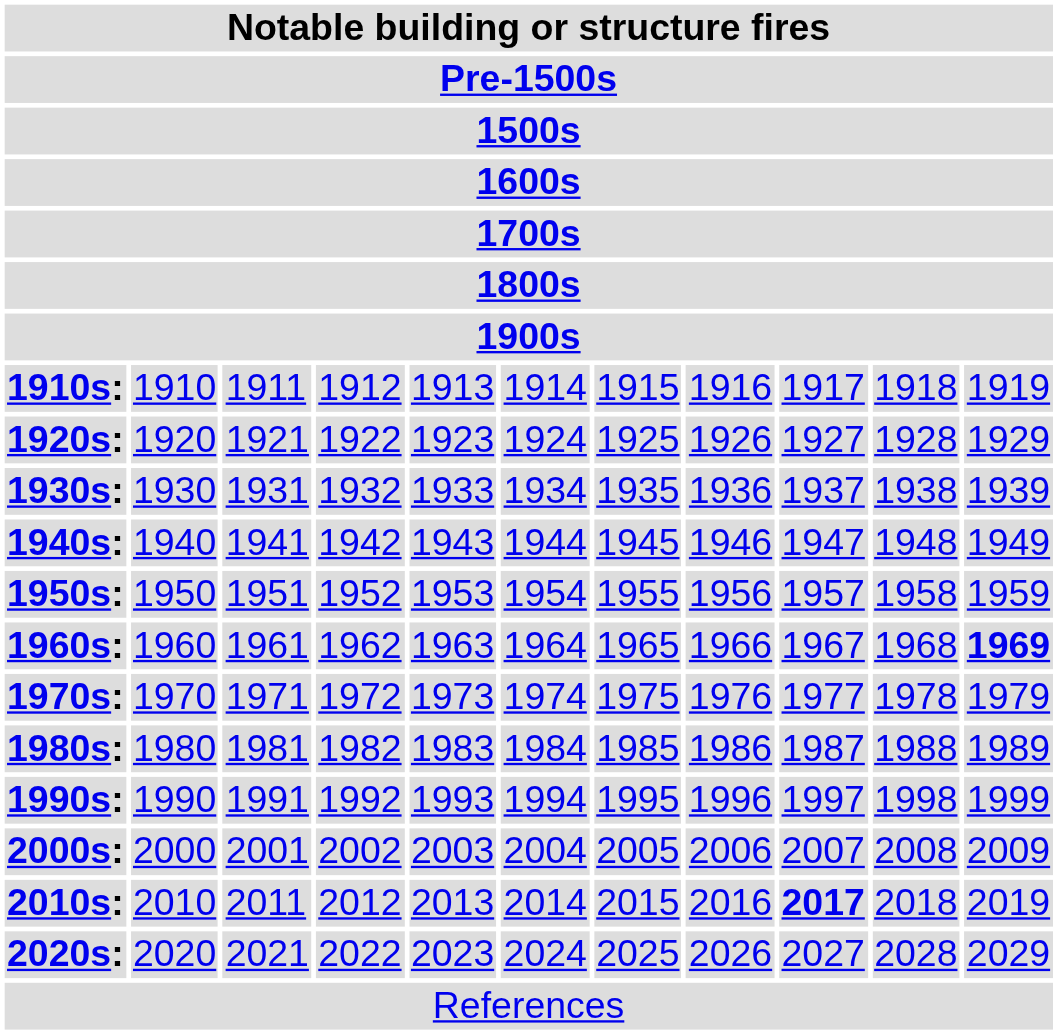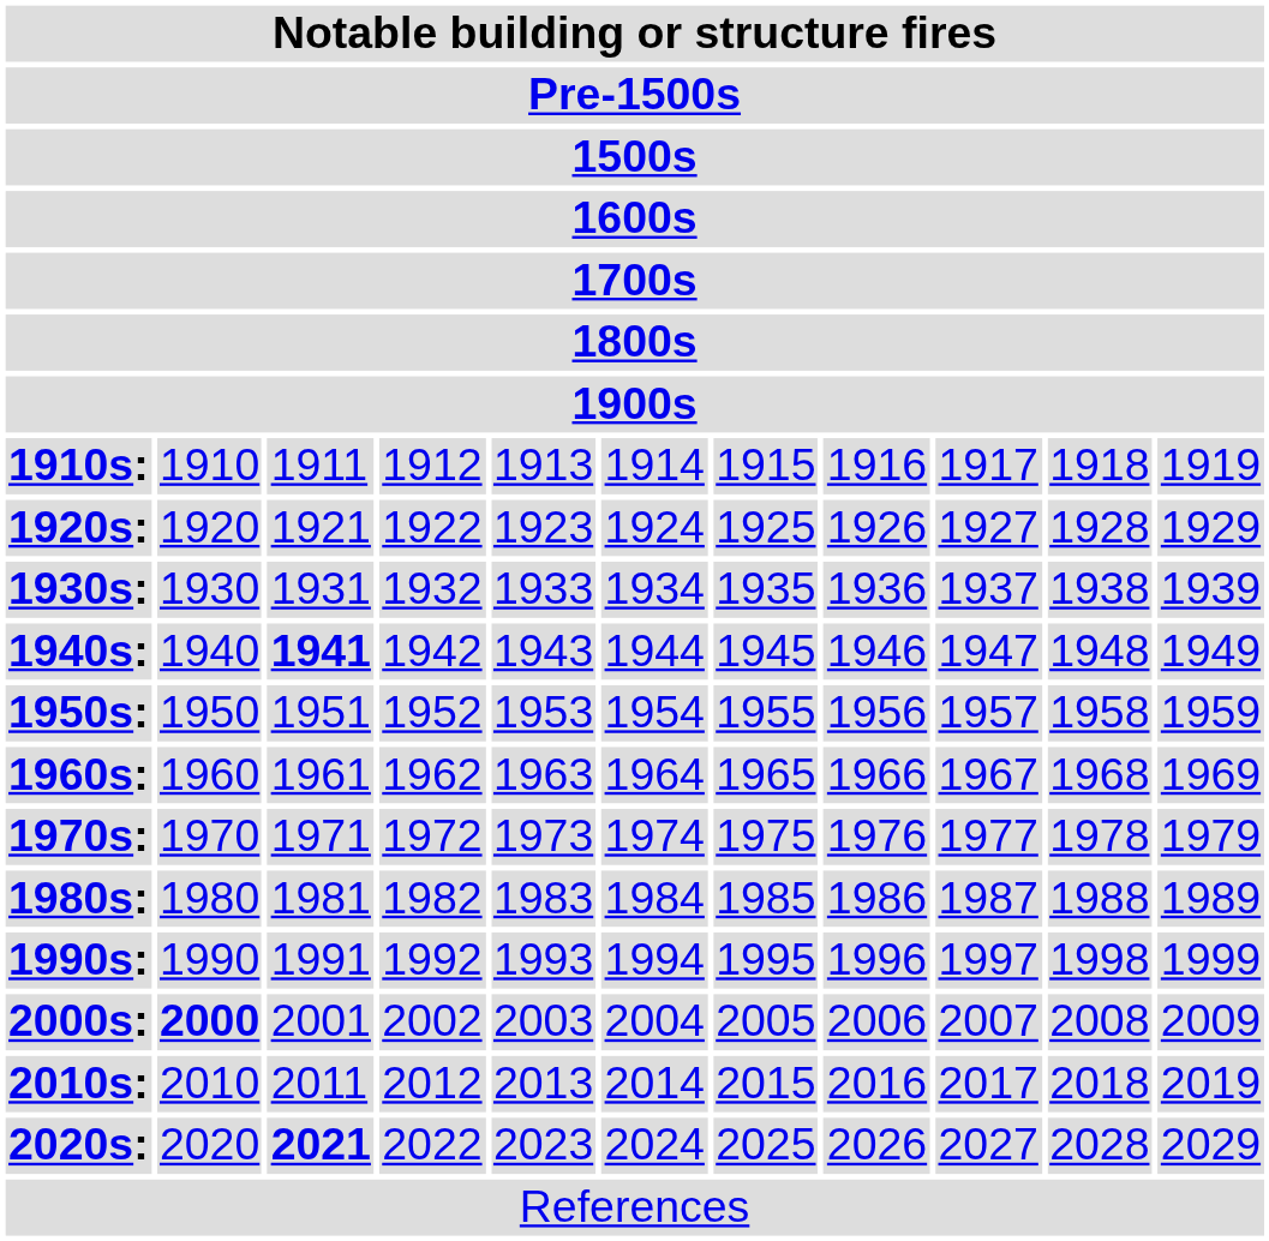 <table>
 <tr>
 <th style="background:#ddd; text-align:center;" colspan="11">Notable building or structure fires</th>
 </tr>
 <tr>
 <th style="background:#ddd; text-align:center;" colspan="11"><a href='#'>Pre-1500s</a></th>
 </tr>
 <tr>
 <th style="background:#ddd; text-align:center;" colspan="11"><a href='#'>1500s</a></th>
 </tr>
 <tr>
 <th style="background:#ddd; text-align:center;" colspan="11"><a href='#'>1600s</a></th>
 </tr>
 <tr>
 <th style="background:#ddd; text-align:center;" colspan="11"><a href='#'>1700s</a></th>
 </tr>
 <tr>
 <th style="background:#ddd; text-align:center;" colspan="11"><a href='#'>1800s</a></th>
 </tr>
 <tr>
 <th style="background:#ddd; text-align:center;" colspan="11"><a href='#'>1900s</a></th>
 </tr>
 <tr>
 <th style="background:#ddd; text-align:right;"><a href='#'>1910s</a>:</th>
 <td style="background:#ddd;"><a href='#'>1910</a></td>
 <td style="background:#ddd;"><a href='#'>1911</a></td>
 <td style="background:#ddd;"><a href='#'>1912</a></td>
 <td style="background:#ddd;"><a href='#'>1913</a></td>
 <td style="background:#ddd;"><a href='#'>1914</a></td>
 <td style="background:#ddd;"><a href='#'>1915</a></td>
 <td style="background:#ddd;"><a href='#'>1916</a></td>
 <td style="background:#ddd;"><a href='#'>1917</a></td>
 <td style="background:#ddd;"><a href='#'>1918</a></td>
 <td style="background:#ddd;"><a href='#'>1919</a></td>
 </tr>
 <tr>
 <th style="background:#ddd; text-align:right;"><a href='#'>1920s</a>:</th>
 <td style="background:#ddd;"><a href='#'>1920</a></td>
 <td style="background:#ddd;"><a href='#'>1921</a></td>
 <td style="background:#ddd;"><a href='#'>1922</a></td>
 <td style="background:#ddd;"><a href='#'>1923</a></td>
 <td style="background:#ddd;"><a href='#'>1924</a></td>
 <td style="background:#ddd;"><a href='#'>1925</a></td>
 <td style="background:#ddd;"><a href='#'>1926</a></td>
 <td style="background:#ddd;"><a href='#'>1927</a></td>
 <td style="background:#ddd;"><a href='#'>1928</a></td>
 <td style="background:#ddd;"><a href='#'>1929</a></td>
 </tr>
 <tr>
 <th style="background:#ddd; text-align:right;"><a href='#'>1930s</a>:</th>
 <td style="background:#ddd;"><a href='#'>1930</a></td>
 <td style="background:#ddd;"><a href='#'>1931</a></td>
 <td style="background:#ddd;"><a href='#'>1932</a></td>
 <td style="background:#ddd;"><a href='#'>1933</a></td>
 <td style="background:#ddd;"><a href='#'>1934</a></td>
 <td style="background:#ddd;"><a href='#'>1935</a></td>
 <td style="background:#ddd;"><a href='#'>1936</a></td>
 <td style="background:#ddd;"><a href='#'>1937</a></td>
 <td style="background:#ddd;"><a href='#'>1938</a></td>
 <td style="background:#ddd;"><a href='#'>1939</a></td>
 </tr>
 <tr>
 <th style="background:#ddd; text-align:right;"><a href='#'>1940s</a>:</th>
 <td style="background:#ddd;"><a href='#'>1940</a></td>
-<td style="background:#ddd;"><a href='#'>1941</a></td>
+<td style="background:#ddd;"><strong><a href='#'>1941</a></strong></td>
 <td style="background:#ddd;"><a href='#'>1942</a></td>
 <td style="background:#ddd;"><a href='#'>1943</a></td>
 <td style="background:#ddd;"><a href='#'>1944</a></td>
 <td style="background:#ddd;"><a href='#'>1945</a></td>
 <td style="background:#ddd;"><a href='#'>1946</a></td>
 <td style="background:#ddd;"><a href='#'>1947</a></td>
 <td style="background:#ddd;"><a href='#'>1948</a></td>
 <td style="background:#ddd;"><a href='#'>1949</a></td>
 </tr>
 <tr>
 <th style="background:#ddd; text-align:right;"><a href='#'>1950s</a>:</th>
 <td style="background:#ddd;"><a href='#'>1950</a></td>
 <td style="background:#ddd;"><a href='#'>1951</a></td>
 <td style="background:#ddd;"><a href='#'>1952</a></td>
 <td style="background:#ddd;"><a href='#'>1953</a></td>
 <td style="background:#ddd;"><a href='#'>1954</a></td>
 <td style="background:#ddd;"><a href='#'>1955</a></td>
 <td style="background:#ddd;"><a href='#'>1956</a></td>
 <td style="background:#ddd;"><a href='#'>1957</a></td>
 <td style="background:#ddd;"><a href='#'>1958</a></td>
 <td style="background:#ddd;"><a href='#'>1959</a></td>
 </tr>
 <tr>
 <th style="background:#ddd; text-align:right;"><a href='#'>1960s</a>:</th>
 <td style="background:#ddd;"><a href='#'>1960</a></td>
 <td style="background:#ddd;"><a href='#'>1961</a></td>
 <td style="background:#ddd;"><a href='#'>1962</a></td>
 <td style="background:#ddd;"><a href='#'>1963</a></td>
 <td style="background:#ddd;"><a href='#'>1964</a></td>
 <td style="background:#ddd;"><a href='#'>1965</a></td>
 <td style="background:#ddd;"><a href='#'>1966</a></td>
 <td style="background:#ddd;"><a href='#'>1967</a></td>
 <td style="background:#ddd;"><a href='#'>1968</a></td>
-<td style="background:#ddd;"><strong><a href='#'>1969</a></strong></td>
+<td style="background:#ddd;"><a href='#'>1969</a></td>
 </tr>
 <tr>
 <th style="background:#ddd; text-align:right;"><a href='#'>1970s</a>:</th>
 <td style="background:#ddd;"><a href='#'>1970</a></td>
 <td style="background:#ddd;"><a href='#'>1971</a></td>
 <td style="background:#ddd;"><a href='#'>1972</a></td>
 <td style="background:#ddd;"><a href='#'>1973</a></td>
 <td style="background:#ddd;"><a href='#'>1974</a></td>
 <td style="background:#ddd;"><a href='#'>1975</a></td>
 <td style="background:#ddd;"><a href='#'>1976</a></td>
 <td style="background:#ddd;"><a href='#'>1977</a></td>
 <td style="background:#ddd;"><a href='#'>1978</a></td>
 <td style="background:#ddd;"><a href='#'>1979</a></td>
 </tr>
 <tr>
 <th style="background:#ddd; text-align:right;"><a href='#'>1980s</a>:</th>
 <td style="background:#ddd;"><a href='#'>1980</a></td>
 <td style="background:#ddd;"><a href='#'>1981</a></td>
 <td style="background:#ddd;"><a href='#'>1982</a></td>
 <td style="background:#ddd;"><a href='#'>1983</a></td>
 <td style="background:#ddd;"><a href='#'>1984</a></td>
 <td style="background:#ddd;"><a href='#'>1985</a></td>
 <td style="background:#ddd;"><a href='#'>1986</a></td>
 <td style="background:#ddd;"><a href='#'>1987</a></td>
 <td style="background:#ddd;"><a href='#'>1988</a></td>
 <td style="background:#ddd;"><a href='#'>1989</a></td>
 </tr>
 <tr>
 <th style="background:#ddd; text-align:right;"><a href='#'>1990s</a>:</th>
 <td style="background:#ddd;"><a href='#'>1990</a></td>
 <td style="background:#ddd;"><a href='#'>1991</a></td>
 <td style="background:#ddd;"><a href='#'>1992</a></td>
 <td style="background:#ddd;"><a href='#'>1993</a></td>
 <td style="background:#ddd;"><a href='#'>1994</a></td>
 <td style="background:#ddd;"><a href='#'>1995</a></td>
 <td style="background:#ddd;"><a href='#'>1996</a></td>
 <td style="background:#ddd;"><a href='#'>1997</a></td>
 <td style="background:#ddd;"><a href='#'>1998</a></td>
 <td style="background:#ddd;"><a href='#'>1999</a></td>
 </tr>
 <tr>
 <th style="background:#ddd; text-align:right;"><a href='#'>2000s</a>:</th>
-<td style="background:#ddd;"><a href='#'>2000</a></td>
+<td style="background:#ddd;"><strong><a href='#'>2000</a></strong></td>
 <td style="background:#ddd;"><a href='#'>2001</a></td>
 <td style="background:#ddd;"><a href='#'>2002</a></td>
 <td style="background:#ddd;"><a href='#'>2003</a></td>
 <td style="background:#ddd;"><a href='#'>2004</a></td>
 <td style="background:#ddd;"><a href='#'>2005</a></td>
 <td style="background:#ddd;"><a href='#'>2006</a></td>
 <td style="background:#ddd;"><a href='#'>2007</a></td>
 <td style="background:#ddd;"><a href='#'>2008</a></td>
 <td style="background:#ddd;"><a href='#'>2009</a></td>
 </tr>
 <tr>
 <th style="background:#ddd; text-align:right;"><a href='#'>2010s</a>:</th>
 <td style="background:#ddd;"><a href='#'>2010</a></td>
 <td style="background:#ddd;"><a href='#'>2011</a></td>
 <td style="background:#ddd;"><a href='#'>2012</a></td>
 <td style="background:#ddd;"><a href='#'>2013</a></td>
 <td style="background:#ddd;"><a href='#'>2014</a></td>
 <td style="background:#ddd;"><a href='#'>2015</a></td>
 <td style="background:#ddd;"><a href='#'>2016</a></td>
-<td style="background:#ddd;"><strong><a href='#'>2017</a></strong></td>
+<td style="background:#ddd;"><a href='#'>2017</a></td>
 <td style="background:#ddd;"><a href='#'>2018</a></td>
 <td style="background:#ddd;"><a href='#'>2019</a></td>
 </tr>
 <tr>
 <th style="background:#ddd; text-align:right;"><a href='#'>2020s</a>:</th>
 <td style="background:#ddd;"><a href='#'>2020</a></td>
-<td style="background:#ddd;"><a href='#'>2021</a></td>
+<td style="background:#ddd;"><strong><a href='#'>2021</a></strong></td>
 <td style="background:#ddd;"><a href='#'>2022</a></td>
 <td style="background:#ddd;"><a href='#'>2023</a></td>
 <td style="background:#ddd;"><a href='#'>2024</a></td>
 <td style="background:#ddd;"><a href='#'>2025</a></td>
 <td style="background:#ddd;"><a href='#'>2026</a></td>
 <td style="background:#ddd;"><a href='#'>2027</a></td>
 <td style="background:#ddd;"><a href='#'>2028</a></td>
 <td style="background:#ddd;"><a href='#'>2029</a></td>
 </tr>
 <tr>
 <td style="background:#ddd; text-align:center;" colspan="11"><a href='#'>References</a></td>
 </tr>
 </table>
